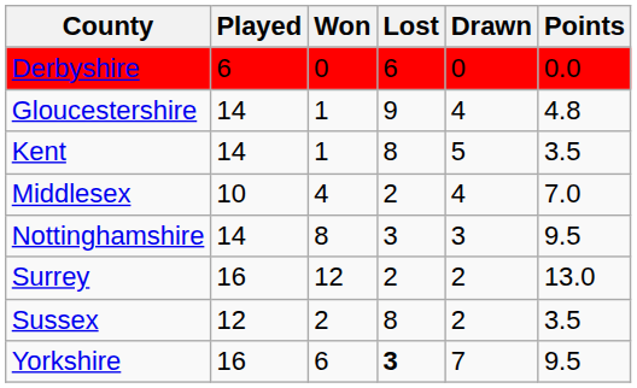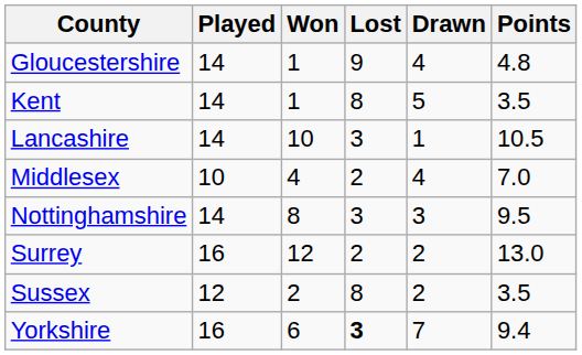 <table class="wikitable sortable">
 <tr>
 <th>County</th>
 <th>Played</th>
 <th>Won</th>
 <th>Lost</th>
 <th>Drawn</th>
 <th>Points</th>
-</tr>
-<tr style="background:red">
-<td><a href='#'>Derbyshire</a></td>
-<td>6</td>
-<td>0</td>
-<td>6</td>
-<td>0</td>
-<td>0.0</td>
 </tr>
 <tr>
 <td><a href='#'>Gloucestershire</a></td>
 <td>14</td>
 <td>1</td>
 <td>9</td>
 <td>4</td>
 <td>4.8</td>
 </tr>
 <tr>
 <td><a href='#'>Kent</a></td>
 <td>14</td>
 <td>1</td>
 <td>8</td>
 <td>5</td>
 <td>3.5</td>
+</tr>
+<tr>
+<td><a href='#'>Lancashire</a></td>
+<td>14</td>
+<td>10</td>
+<td>3</td>
+<td>1</td>
+<td>10.5</td>
 </tr>
 <tr>
 <td><a href='#'>Middlesex</a></td>
 <td>10</td>
 <td>4</td>
 <td>2</td>
 <td>4</td>
 <td>7.0</td>
 </tr>
 <tr>
 <td><a href='#'>Nottinghamshire</a></td>
 <td>14</td>
 <td>8</td>
 <td>3</td>
 <td>3</td>
 <td>9.5</td>
 </tr>
 <tr>
 <td><a href='#'>Surrey</a></td>
 <td>16</td>
 <td>12</td>
 <td>2</td>
 <td>2</td>
 <td>13.0</td>
 </tr>
 <tr>
 <td><a href='#'>Sussex</a></td>
 <td>12</td>
 <td>2</td>
 <td>8</td>
 <td>2</td>
 <td>3.5</td>
 </tr>
 <tr>
 <td><a href='#'>Yorkshire</a></td>
 <td>16</td>
 <td>6</td>
 <td><strong>3</strong></td>
 <td>7</td>
-<td>9.5</td>
+<td>9.4</td>
 </tr>
 </table>
